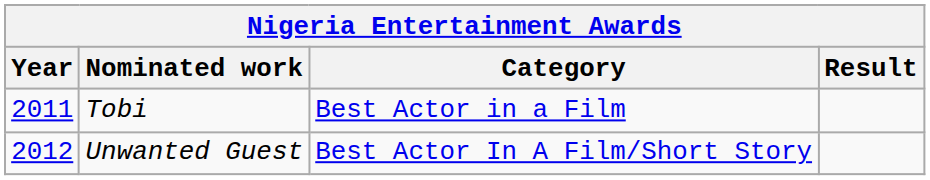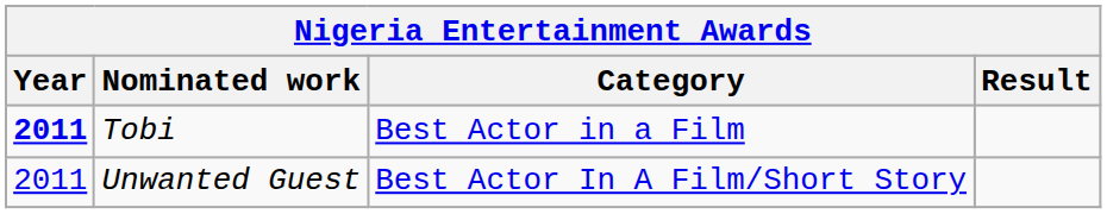 <table class="wikitable">
 <tr>
 <th colspan="5"><a href='#'>Nigeria Entertainment Awards</a></th>
 </tr>
 <tr>
 <th>Year</th>
 <th>Nominated work</th>
 <th>Category</th>
 <th>Result</th>
 </tr>
 <tr>
-<td><a href='#'>2011</a></td>
+<td><strong><a href='#'>2011</a></strong></td>
 <td><em>Tobi</em></td>
 <td><a href='#'>Best Actor in a Film</a></td>
 <td></td>
 </tr>
 <tr>
-<td><a href='#'>2012</a></td>
+<td><a href='#'>2011</a></td>
 <td><em>Unwanted Guest</em></td>
 <td><a href='#'>Best Actor In A Film/Short Story</a></td>
 <td></td>
 </tr>
 </table>
